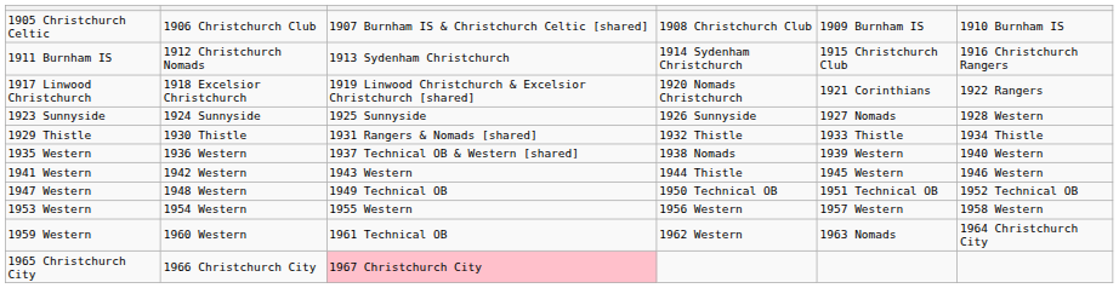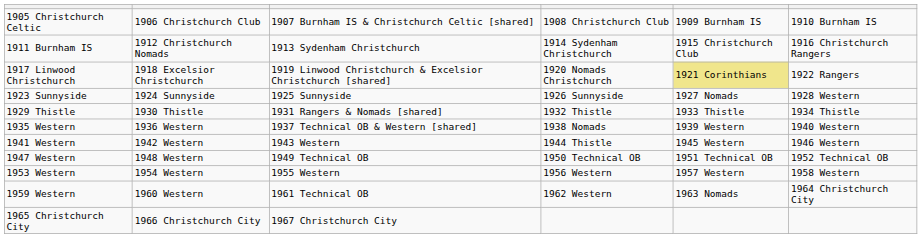 <table class="wikitable">
 <tr>
 <th></th>
 <th></th>
 <th></th>
 <th></th>
 <th></th>
 <th></th>
 </tr>
 <tr>
 <td>1905  Christchurch Celtic</td>
 <td>1906  Christchurch Club</td>
 <td>1907  Burnham IS & Christchurch Celtic  [shared]</td>
 <td>1908  Christchurch Club</td>
 <td>1909  Burnham IS</td>
 <td>1910  Burnham IS</td>
 </tr>
 <tr>
 <td>1911  Burnham IS</td>
 <td>1912  Christchurch Nomads</td>
 <td>1913  Sydenham Christchurch</td>
 <td>1914  Sydenham Christchurch</td>
 <td>1915  Christchurch Club</td>
 <td>1916  Christchurch Rangers</td>
 </tr>
 <tr>
 <td>1917  Linwood Christchurch</td>
 <td>1918  Excelsior Christchurch</td>
 <td>1919  Linwood Christchurch & Excelsior Christchurch  [shared]</td>
 <td>1920  Nomads Christchurch</td>
-<td>1921  Corinthians</td>
+<td style="background: khaki;">1921  Corinthians</td>
 <td>1922  Rangers</td>
 </tr>
 <tr>
 <td>1923  Sunnyside</td>
 <td>1924  Sunnyside</td>
 <td>1925  Sunnyside</td>
 <td>1926  Sunnyside</td>
 <td>1927  Nomads</td>
 <td>1928  Western</td>
 </tr>
 <tr>
 <td>1929  Thistle</td>
 <td>1930  Thistle</td>
 <td>1931  Rangers & Nomads  [shared]</td>
 <td>1932  Thistle</td>
 <td>1933  Thistle</td>
 <td>1934  Thistle</td>
 </tr>
 <tr>
 <td>1935  Western</td>
 <td>1936  Western</td>
 <td>1937  Technical OB & Western  [shared]</td>
 <td>1938  Nomads</td>
 <td>1939  Western</td>
 <td>1940  Western</td>
 </tr>
 <tr>
 <td>1941  Western</td>
 <td>1942  Western</td>
 <td>1943  Western</td>
 <td>1944  Thistle</td>
 <td>1945  Western</td>
 <td>1946  Western</td>
 </tr>
 <tr>
 <td>1947  Western</td>
 <td>1948  Western</td>
 <td>1949  Technical OB</td>
 <td>1950  Technical OB</td>
 <td>1951  Technical OB</td>
 <td>1952  Technical OB</td>
 </tr>
 <tr>
 <td>1953  Western</td>
 <td>1954  Western</td>
 <td>1955  Western</td>
 <td>1956  Western</td>
 <td>1957  Western</td>
 <td>1958  Western</td>
 </tr>
 <tr>
 <td>1959  Western</td>
 <td>1960  Western</td>
 <td>1961  Technical OB</td>
 <td>1962  Western</td>
 <td>1963  Nomads</td>
 <td>1964  Christchurch City</td>
 </tr>
 <tr>
 <td>1965  Christchurch City</td>
 <td>1966  Christchurch City</td>
-<td style="background: pink;">1967  Christchurch City</td>
+<td>1967  Christchurch City</td>
 <td></td>
 <td></td>
 <td></td>
 </tr>
 </table>
